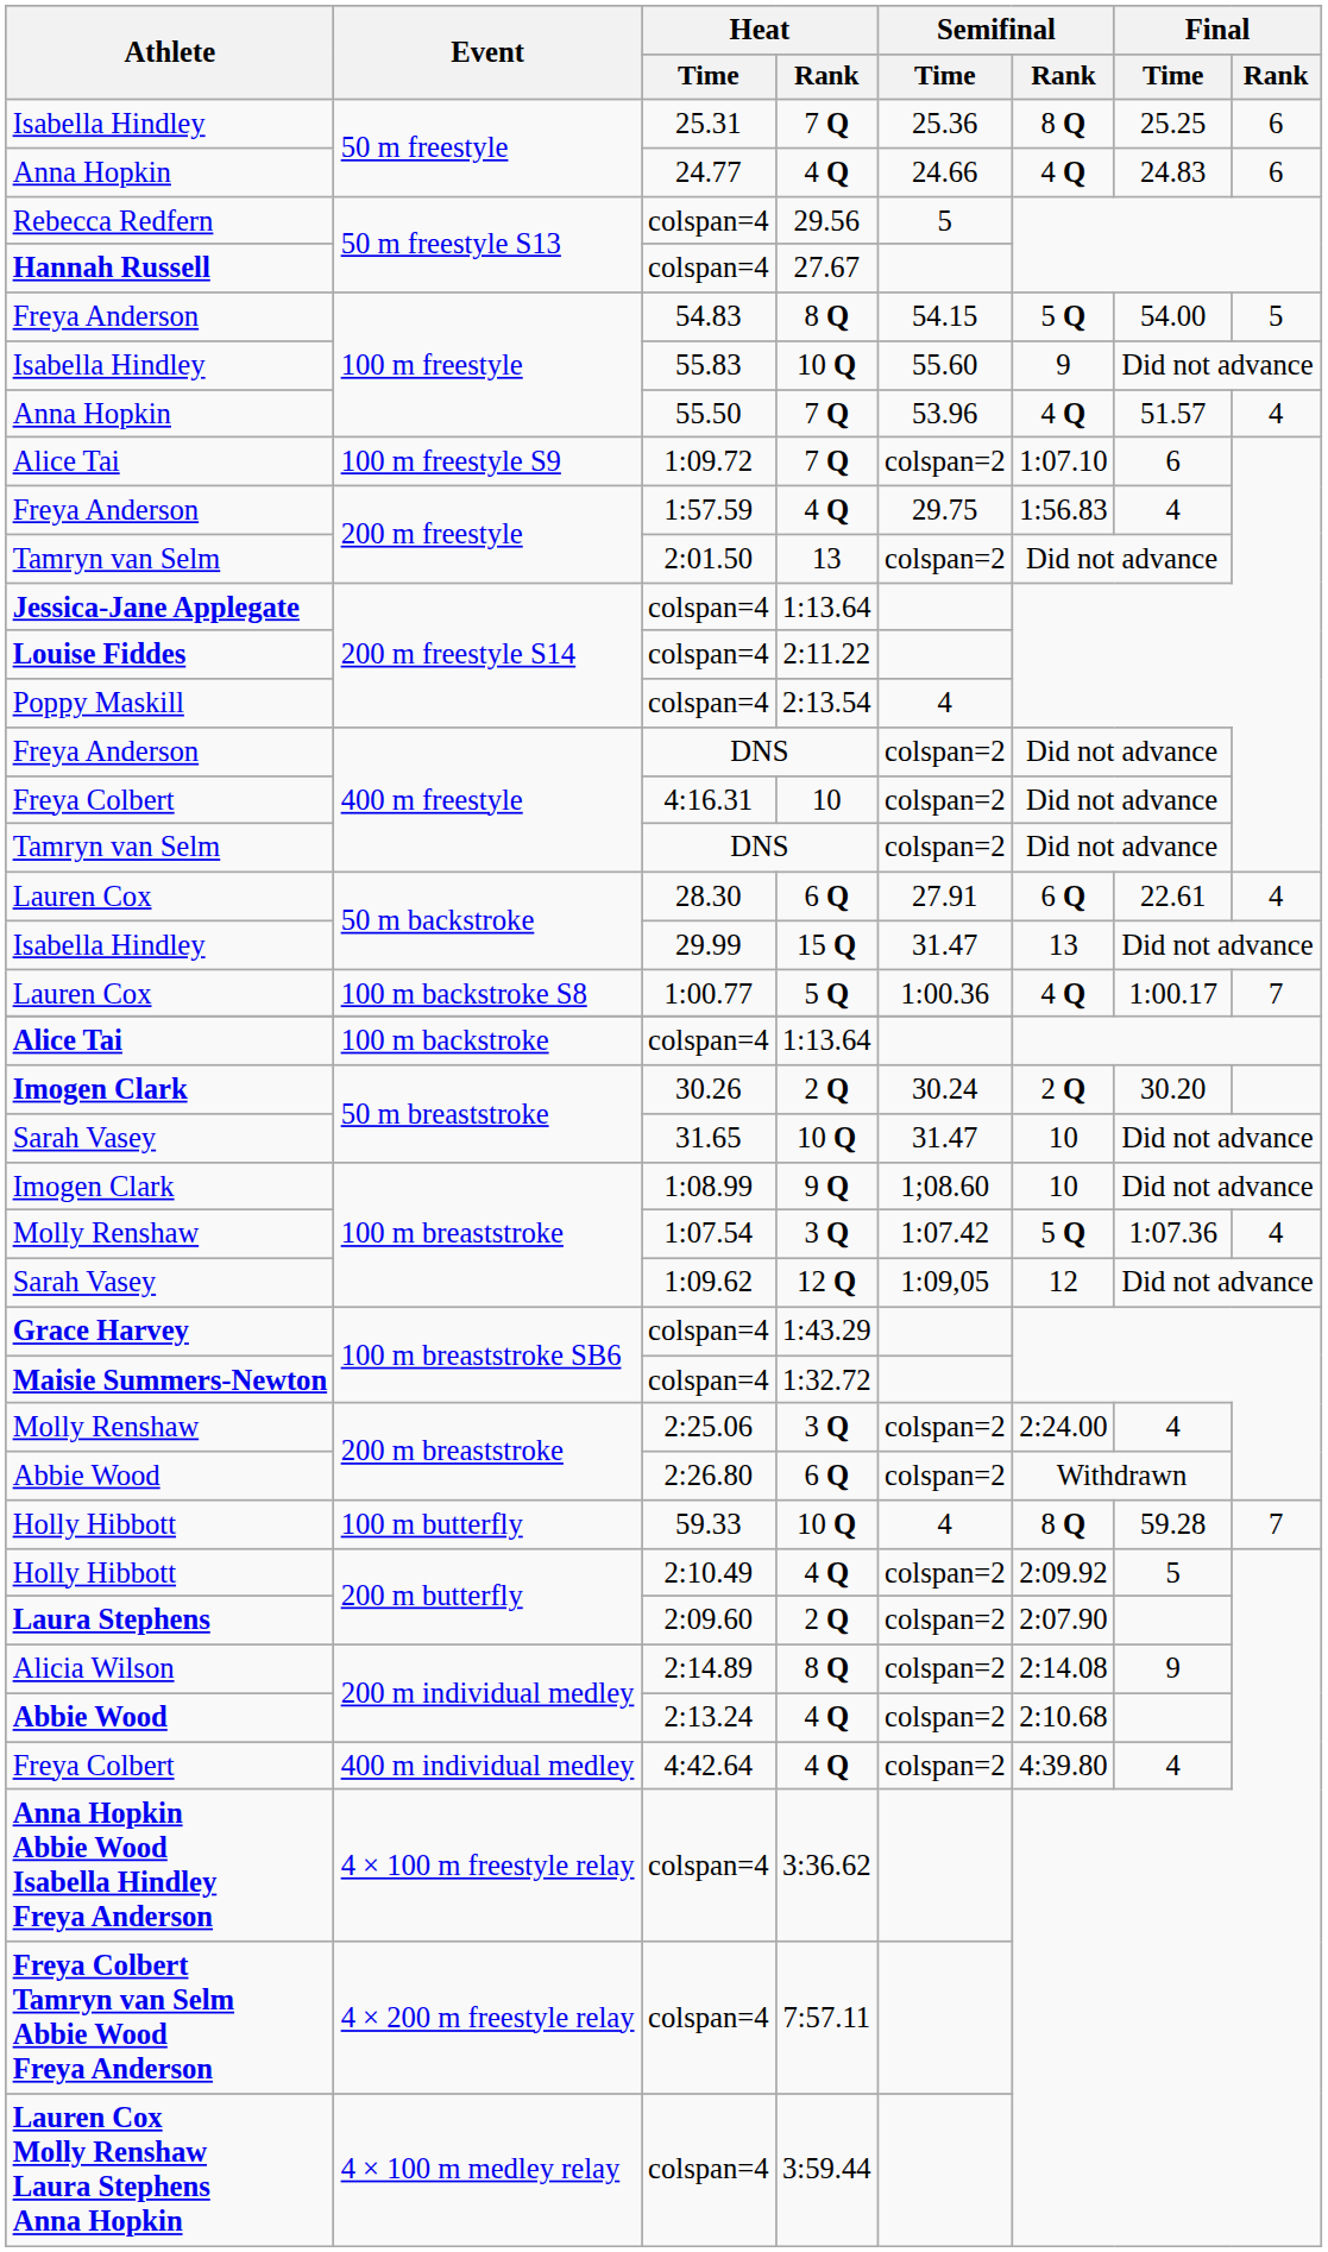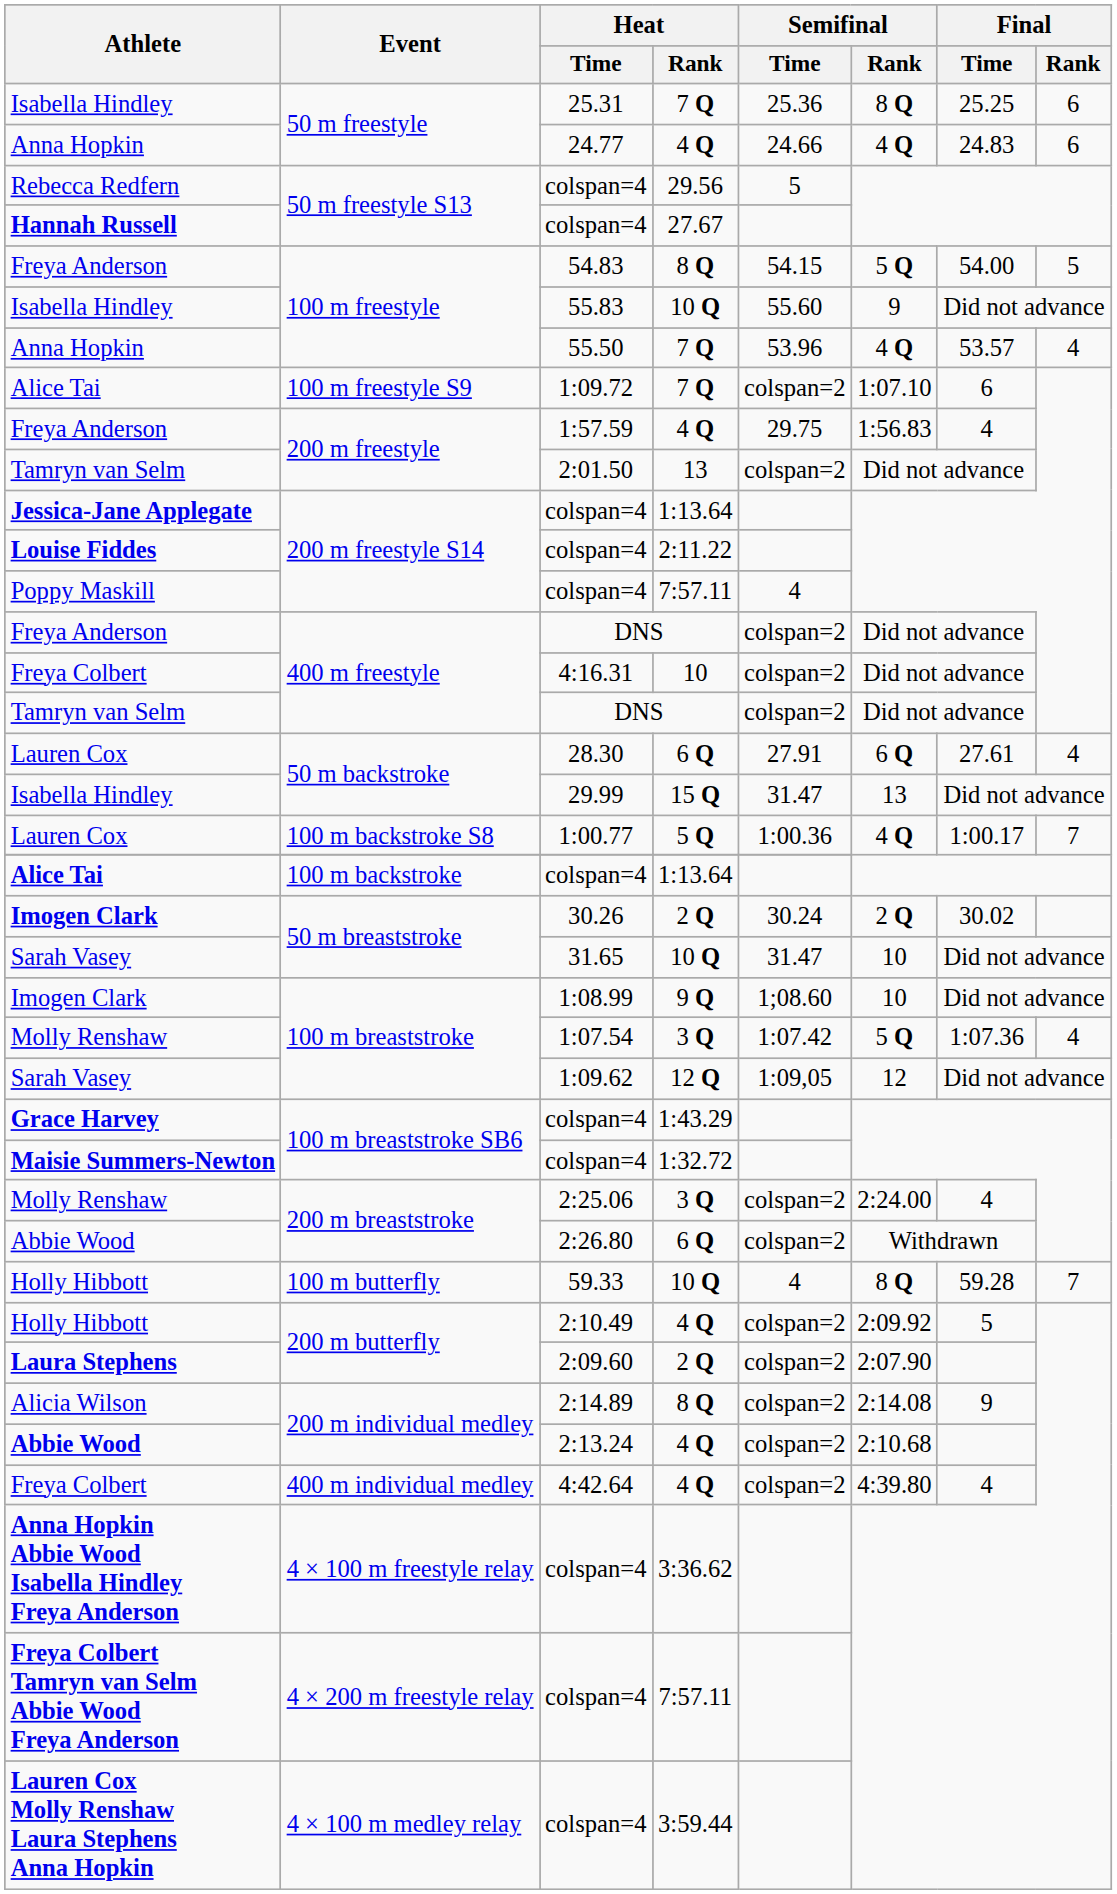 <table class=wikitable style=font-size:90%>
 <tr>
 <th rowspan=2>Athlete</th>
 <th rowspan=2>Event</th>
 <th colspan=2>Heat</th>
 <th colspan=2>Semifinal</th>
 <th colspan=2>Final</th>
 </tr>
 <tr style=font-size:95%>
 <th>Time</th>
 <th>Rank</th>
 <th>Time</th>
 <th>Rank</th>
 <th>Time</th>
 <th>Rank</th>
 </tr>
 <tr align=center>
 <td align=left><a href='#'>Isabella Hindley</a></td>
 <td align=left rowspan="2"><a href='#'>50 m freestyle</a></td>
 <td>25.31</td>
 <td>7 <strong>Q</strong></td>
 <td>25.36</td>
 <td>8 <strong>Q</strong></td>
 <td>25.25</td>
 <td>6</td>
 </tr>
 <tr align=center>
 <td align=left><a href='#'>Anna Hopkin</a></td>
 <td>24.77</td>
 <td>4 <strong>Q</strong></td>
 <td>24.66</td>
 <td>4 <strong>Q</strong></td>
 <td>24.83</td>
 <td>6</td>
 </tr>
 <tr align=center>
 <td align=left><a href='#'>Rebecca Redfern</a></td>
 <td align=left rowspan="2"><a href='#'>50 m freestyle S13</a></td>
 <td>colspan=4 </td>
 <td>29.56</td>
 <td>5</td>
 </tr>
 <tr align=center>
 <td align=left><strong><a href='#'>Hannah Russell</a></strong></td>
 <td>colspan=4 </td>
 <td>27.67</td>
 <td></td>
 </tr>
 <tr align=center>
 <td align=left><a href='#'>Freya Anderson</a></td>
 <td align=left rowspan="3"><a href='#'>100 m freestyle</a></td>
 <td>54.83</td>
 <td>8 <strong>Q</strong></td>
 <td>54.15</td>
 <td>5 <strong>Q</strong></td>
 <td>54.00</td>
 <td>5</td>
 </tr>
 <tr align=center>
 <td align=left><a href='#'>Isabella Hindley</a></td>
 <td>55.83</td>
 <td>10 <strong>Q</strong></td>
 <td>55.60</td>
 <td>9</td>
 <td colspan=2>Did not advance</td>
 </tr>
 <tr align=center>
 <td align=left><a href='#'>Anna Hopkin</a></td>
 <td>55.50</td>
 <td>7 <strong>Q</strong></td>
 <td>53.96</td>
 <td>4 <strong>Q</strong></td>
-<td>51.57</td>
+<td>53.57</td>
 <td>4</td>
 </tr>
 <tr align=center>
 <td align=left><a href='#'>Alice Tai</a></td>
 <td align=left rowspan="1"><a href='#'>100 m freestyle S9</a></td>
 <td>1:09.72</td>
 <td>7 <strong>Q</strong></td>
 <td>colspan=2 </td>
 <td>1:07.10</td>
 <td>6</td>
 </tr>
 <tr align=center>
 <td align=left><a href='#'>Freya Anderson</a></td>
 <td align=left rowspan="2"><a href='#'>200 m freestyle</a></td>
 <td>1:57.59</td>
 <td>4 <strong>Q</strong></td>
 <td>29.75</td>
 <td>1:56.83</td>
 <td>4</td>
 </tr>
 <tr align=center>
 <td align=left><a href='#'>Tamryn van Selm</a></td>
 <td>2:01.50</td>
 <td>13</td>
 <td>colspan=2 </td>
 <td colspan=2>Did not advance</td>
 </tr>
 <tr align=center>
 <td align=left><strong><a href='#'>Jessica-Jane Applegate</a></strong></td>
 <td align=left rowspan="3"><a href='#'>200 m freestyle S14</a></td>
 <td>colspan=4 </td>
 <td>1:13.64</td>
 <td></td>
 </tr>
 <tr align=center>
 <td align=left><strong><a href='#'>Louise Fiddes</a></strong></td>
 <td>colspan=4 </td>
 <td>2:11.22</td>
 <td></td>
 </tr>
 <tr align=center>
 <td align=left><a href='#'>Poppy Maskill</a></td>
 <td>colspan=4 </td>
-<td>2:13.54</td>
+<td>7:57.11</td>
 <td>4</td>
 </tr>
 <tr align=center>
 <td align=left><a href='#'>Freya Anderson</a></td>
 <td align=left rowspan="3"><a href='#'>400 m freestyle</a></td>
 <td colspan=2>DNS</td>
 <td>colspan=2 </td>
 <td colspan=2>Did not advance</td>
 </tr>
 <tr align=center>
 <td align=left><a href='#'>Freya Colbert</a></td>
 <td>4:16.31</td>
 <td>10</td>
 <td>colspan=2 </td>
 <td colspan=2>Did not advance</td>
 </tr>
 <tr align=center>
 <td align=left><a href='#'>Tamryn van Selm</a></td>
 <td colspan=2>DNS</td>
 <td>colspan=2 </td>
 <td colspan=2>Did not advance</td>
 </tr>
 <tr align=center>
 <td align=left><a href='#'>Lauren Cox</a></td>
 <td align=left rowspan="2"><a href='#'>50 m backstroke</a></td>
 <td>28.30</td>
 <td>6 <strong>Q</strong></td>
 <td>27.91</td>
 <td>6 <strong>Q</strong></td>
-<td>22.61</td>
+<td>27.61</td>
 <td>4</td>
 </tr>
 <tr align=center>
 <td align=left><a href='#'>Isabella Hindley</a></td>
 <td>29.99</td>
 <td>15 <strong>Q</strong></td>
 <td>31.47</td>
 <td>13</td>
 <td colspan=2>Did not advance</td>
 </tr>
 <tr align=center>
 <td align=left><a href='#'>Lauren Cox</a></td>
 <td align=left rowspan="1"><a href='#'>100 m backstroke S8</a></td>
 <td>1:00.77</td>
 <td>5 <strong>Q</strong></td>
 <td>1:00.36</td>
 <td>4 <strong>Q</strong></td>
 <td>1:00.17</td>
 <td>7</td>
 </tr>
 <tr align=center>
 </tr>
 <tr align=center>
 <td align=left><strong><a href='#'>Alice Tai</a></strong></td>
 <td align=left><a href='#'>100 m backstroke</a></td>
 <td>colspan=4 </td>
 <td>1:13.64</td>
 <td></td>
 </tr>
 <tr align=center>
 <td align=left><strong><a href='#'>Imogen Clark</a></strong></td>
 <td align=left rowspan="2"><a href='#'>50 m breaststroke</a></td>
 <td>30.26</td>
 <td>2 <strong>Q</strong></td>
 <td>30.24</td>
 <td>2 <strong>Q</strong></td>
-<td>30.20</td>
+<td>30.02</td>
 <td></td>
 </tr>
 <tr align=center>
 <td align=left><a href='#'>Sarah Vasey</a></td>
 <td>31.65</td>
 <td>10 <strong>Q</strong></td>
 <td>31.47</td>
 <td>10</td>
 <td colspan=2>Did not advance</td>
 </tr>
 <tr align=center>
 <td align=left><a href='#'>Imogen Clark</a></td>
 <td align=left rowspan="3"><a href='#'>100 m breaststroke</a></td>
 <td>1:08.99</td>
 <td>9 <strong>Q</strong></td>
 <td>1;08.60</td>
 <td>10</td>
 <td colspan=2>Did not advance</td>
 </tr>
 <tr align=center>
 <td align=left><a href='#'>Molly Renshaw</a></td>
 <td>1:07.54</td>
 <td>3 <strong>Q</strong></td>
 <td>1:07.42</td>
 <td>5 <strong>Q</strong></td>
 <td>1:07.36</td>
 <td>4</td>
 </tr>
 <tr align=center>
 <td align=left><a href='#'>Sarah Vasey</a></td>
 <td>1:09.62</td>
 <td>12 <strong>Q</strong></td>
 <td>1:09,05</td>
 <td>12</td>
 <td colspan=2>Did not advance</td>
 </tr>
 <tr align=center>
 <td align=left><strong><a href='#'>Grace Harvey</a></strong></td>
 <td align=left rowspan=2><a href='#'>100 m breaststroke SB6</a></td>
 <td>colspan=4 </td>
 <td>1:43.29</td>
 <td></td>
 </tr>
 <tr align=center>
 <td align=left><strong><a href='#'>Maisie Summers-Newton</a></strong></td>
 <td>colspan=4 </td>
 <td>1:32.72</td>
 <td></td>
 </tr>
 <tr align=center>
 <td align=left><a href='#'>Molly Renshaw</a></td>
 <td align=left rowspan="2"><a href='#'>200 m breaststroke</a></td>
 <td>2:25.06</td>
 <td>3 <strong>Q</strong></td>
 <td>colspan=2 </td>
 <td>2:24.00</td>
 <td>4</td>
 </tr>
 <tr align=center>
 <td align=left><a href='#'>Abbie Wood</a></td>
 <td>2:26.80</td>
 <td>6 <strong>Q</strong></td>
 <td>colspan=2 </td>
 <td colspan=2>Withdrawn</td>
 </tr>
 <tr align=center>
 <td align=left><a href='#'>Holly Hibbott</a></td>
 <td align=left><a href='#'>100 m butterfly</a></td>
 <td>59.33</td>
 <td>10 <strong>Q</strong></td>
 <td>4</td>
 <td>8 <strong>Q</strong></td>
 <td>59.28</td>
 <td>7</td>
 </tr>
 <tr align=center>
 <td align=left><a href='#'>Holly Hibbott</a></td>
 <td align=left rowspan="2"><a href='#'>200 m butterfly</a></td>
 <td>2:10.49</td>
 <td>4 <strong>Q</strong></td>
 <td>colspan=2 </td>
 <td>2:09.92</td>
 <td>5</td>
 </tr>
 <tr align=center>
 <td align=left><strong><a href='#'>Laura Stephens</a></strong></td>
 <td>2:09.60</td>
 <td>2 <strong>Q</strong></td>
 <td>colspan=2 </td>
 <td>2:07.90</td>
 <td></td>
 </tr>
 <tr align=center>
 <td align=left><a href='#'>Alicia Wilson</a></td>
 <td align=left rowspan="2"><a href='#'>200 m individual medley</a></td>
 <td>2:14.89</td>
 <td>8 <strong>Q</strong></td>
 <td>colspan=2 </td>
 <td>2:14.08</td>
 <td>9</td>
 </tr>
 <tr align=center>
 <td align=left><strong><a href='#'>Abbie Wood</a></strong></td>
 <td>2:13.24</td>
 <td>4 <strong>Q</strong></td>
 <td>colspan=2 </td>
 <td>2:10.68</td>
 <td></td>
 </tr>
 <tr align=center>
 <td align=left><a href='#'>Freya Colbert</a></td>
 <td align=left rowspan="1"><a href='#'>400 m individual medley</a></td>
 <td>4:42.64</td>
 <td>4 <strong>Q</strong></td>
 <td>colspan=2 </td>
 <td>4:39.80</td>
 <td>4</td>
 </tr>
 <tr align=center>
 <td align=left><strong><a href='#'>Anna Hopkin</a></strong><br><strong><a href='#'>Abbie Wood</a></strong><br><strong><a href='#'>Isabella Hindley</a></strong><br><strong><a href='#'>Freya Anderson</a></strong></td>
 <td align=left><a href='#'>4 × 100 m freestyle relay</a></td>
 <td>colspan=4 </td>
 <td>3:36.62</td>
 <td></td>
 </tr>
 <tr align=center>
 <td align=left><strong><a href='#'>Freya Colbert</a></strong><br><strong><a href='#'>Tamryn van Selm</a></strong><br><strong><a href='#'>Abbie Wood</a></strong><br><strong><a href='#'>Freya Anderson</a></strong></td>
 <td align=left><a href='#'>4 × 200 m freestyle relay</a></td>
 <td>colspan=4 </td>
 <td>7:57.11</td>
 <td></td>
 </tr>
 <tr align=center>
 <td align=left><strong><a href='#'>Lauren Cox</a></strong><br><strong><a href='#'>Molly Renshaw</a></strong><br><strong><a href='#'>Laura Stephens</a></strong><br><strong><a href='#'>Anna Hopkin</a></strong></td>
 <td align=left><a href='#'>4 × 100 m medley relay</a></td>
 <td>colspan=4 </td>
 <td>3:59.44</td>
 <td></td>
 </tr>
 </table>
